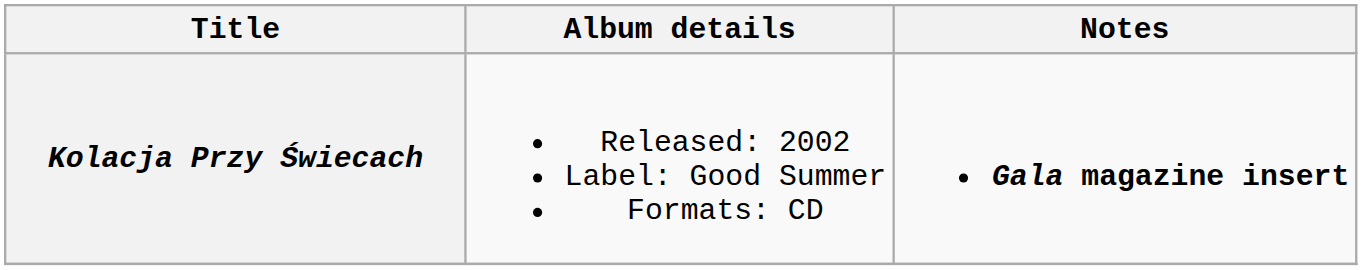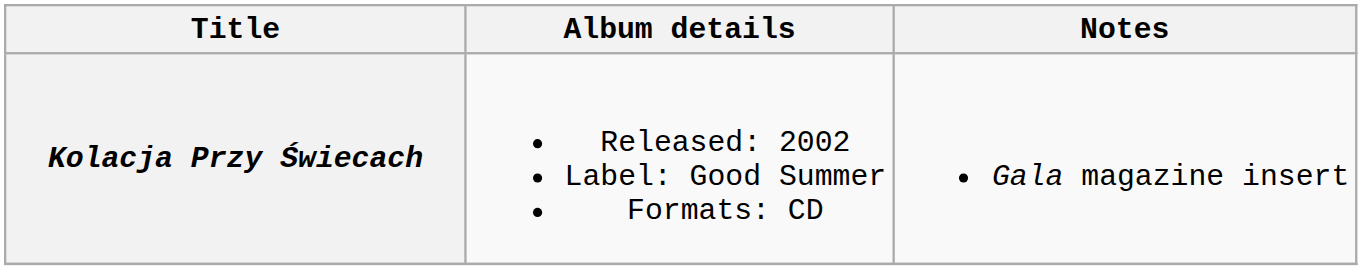 <table class="wikitable plainrowheaders" style="text-align:center;">
 <tr>
 <th scope="col" style="width:15em;">Title</th>
 <th scope="col">Album details</th>
 <th scope="col">Notes</th>
 </tr>
 <tr>
 <th scope="row"><em>Kolacja Przy Świecach</em></th>
 <td><br><ul><li>Released: 2002</li><li>Label: Good Summer</li><li>Formats: CD</li></ul></td>
-<td><strong><br><ul><li><em>Gala</em> magazine insert</li></ul></strong></td>
+<td><br><ul><li><em>Gala</em> magazine insert</li></ul></td>
 </tr>
 <tr>
 </tr>
 </table>
